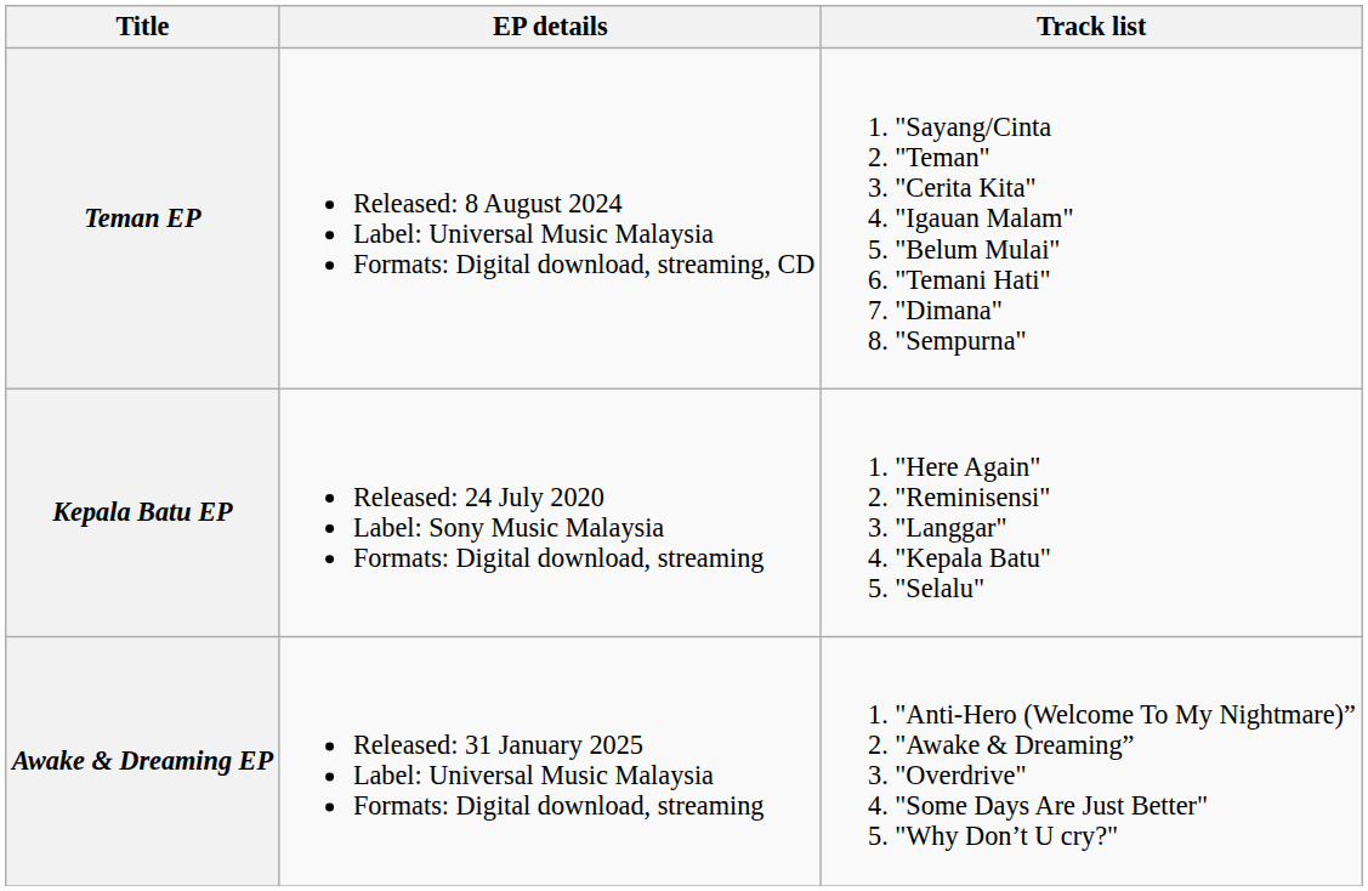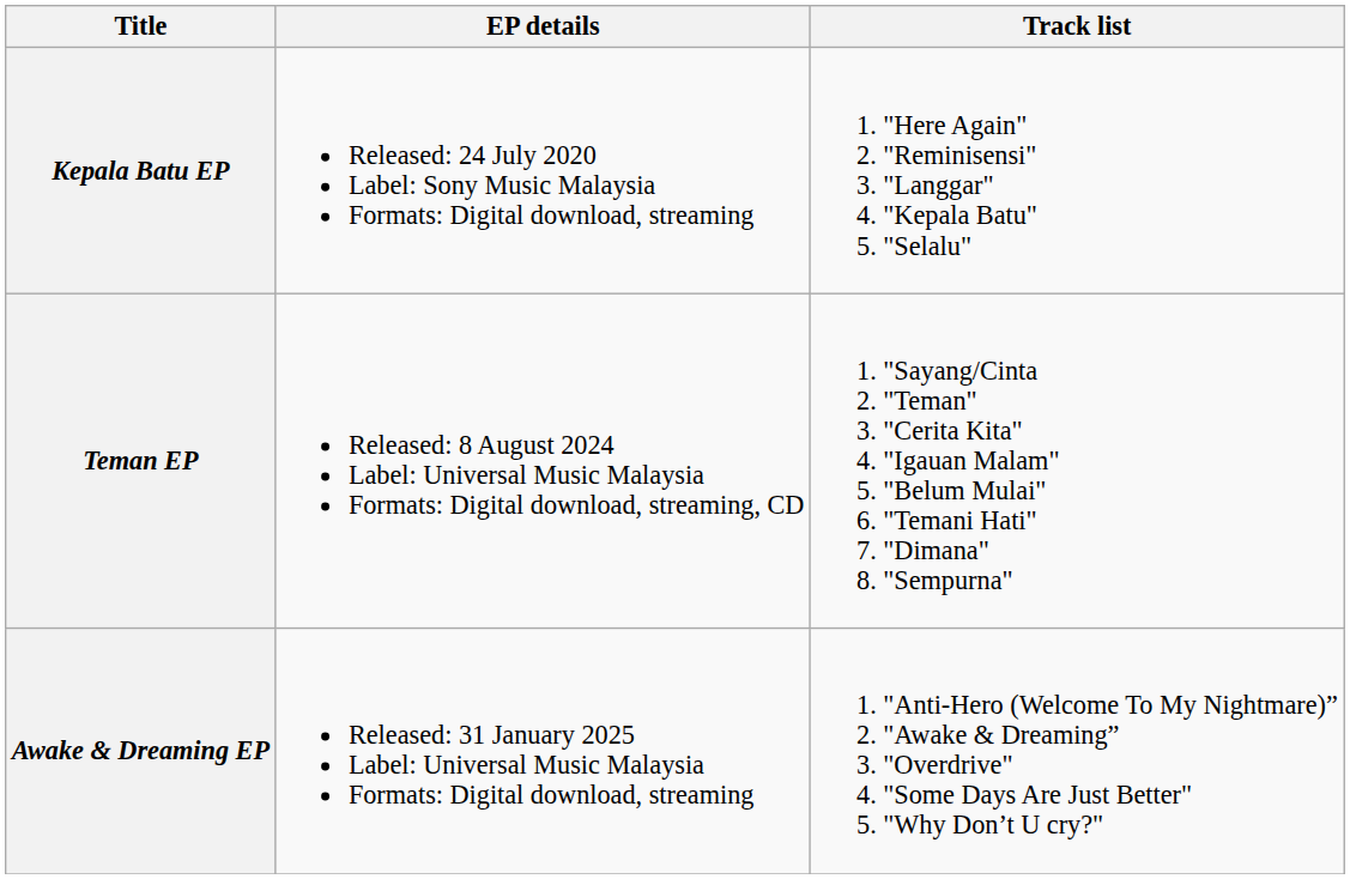 <table class="wikitable plainrowheaders">
 <tr>
 <th rowspan="1" scope="col">Title</th>
 <th rowspan="1" scope="col">EP details</th>
 <th rowspan="1" scope="col">Track list</th>
 </tr>
 <tr>
+<th scope="row"><em>Kepala Batu EP</em></th>
+<td scope="row1"><br><ul><li>Released: 24 July 2020</li><li>Label: Sony Music Malaysia</li><li>Formats: Digital download, streaming</li></ul></td>
+<td scope="row1"><br><ol><li>"Here Again"</li><li>"Reminisensi"</li><li>"Langgar"</li><li>"Kepala Batu"</li><li>"Selalu"</li></ol></td>
+</tr>
+<tr>
 <th scope="row"><em>Teman EP</em></th>
 <td scope="row1"><br><ul><li>Released: 8 August 2024</li><li>Label: Universal Music Malaysia</li><li>Formats: Digital download, streaming, CD</li></ul></td>
 <td scope="row1"><br><ol><li>"Sayang/Cinta</li><li>"Teman"</li><li>"Cerita Kita"</li><li>"Igauan Malam"</li><li>"Belum Mulai"</li><li>"Temani Hati"</li><li>"Dimana"</li><li>"Sempurna"</li></ol></td>
-</tr>
-<tr>
-<th scope="row"><em>Kepala Batu EP</em></th>
-<td scope="row1"><br><ul><li>Released: 24 July 2020</li><li>Label: Sony Music Malaysia</li><li>Formats: Digital download, streaming</li></ul></td>
-<td scope="row1"><br><ol><li>"Here Again"</li><li>"Reminisensi"</li><li>"Langgar"</li><li>"Kepala Batu"</li><li>"Selalu"</li></ol></td>
 </tr>
 <tr>
 <th scope="row"><em>Awake & Dreaming EP</em></th>
 <td scope="row1"><br><ul><li>Released: 31 January 2025</li><li>Label: Universal Music Malaysia</li><li>Formats: Digital download, streaming</li></ul></td>
 <td scope="row1"><br><ol><li>"Anti-Hero (Welcome To My Nightmare)”</li><li>"Awake & Dreaming”</li><li>"Overdrive"</li><li>"Some Days Are Just Better"</li><li>"Why Don’t U cry?"</li></ol></td>
 </tr>
 <tr>
 </tr>
 </table>
